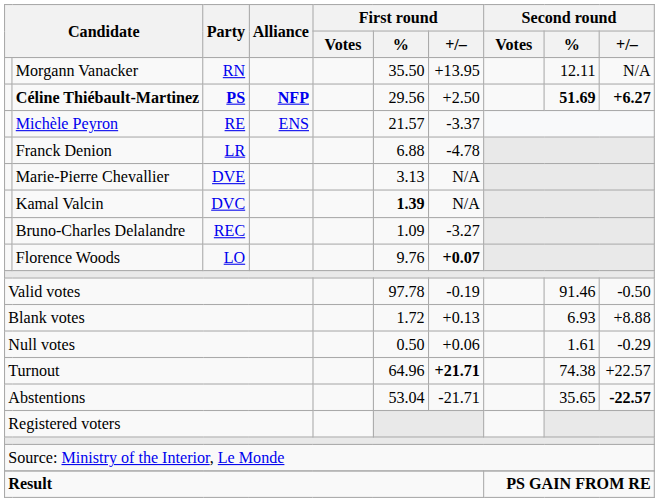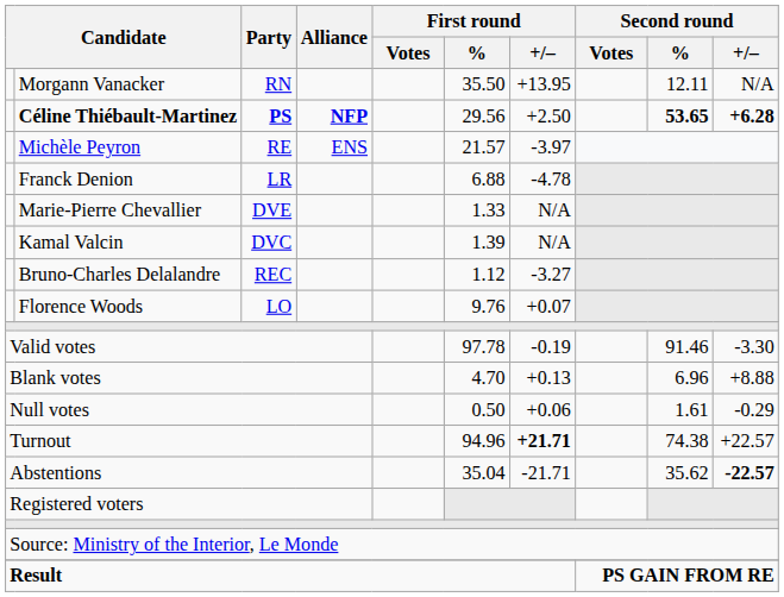 <table class="wikitable" style="text-align:right;font-size:95%;">
 <tr>
 <th rowspan="2" colspan="2">Candidate</th>
 <th rowspan="2">Party</th>
 <th rowspan="2">Alliance</th>
 <th colspan="3">First round</th>
 <th colspan="3">Second round</th>
 </tr>
 <tr>
 <th style="width:50px;">Votes</th>
 <th style="width:45px;">%</th>
 <th style="width:45px;">+/–</th>
 <th style="width:50px;">Votes</th>
 <th style="width:45px;">%</th>
 <th style="width:45px;">+/–</th>
 </tr>
 <tr>
 <td style="color:inherit;background:"></td>
 <td style="text-align:left;">Morgann Vanacker</td>
 <td><a href='#'>RN</a></td>
 <td></td>
 <td></td>
 <td>35.50</td>
 <td>+13.95</td>
 <td></td>
 <td>12.11</td>
 <td>N/A</td>
 </tr>
 <tr>
 <td style="color:inherit;background:"></td>
 <td style="text-align:left;"><strong>Céline Thiébault-Martinez</strong></td>
 <td><a href='#'><strong>PS</strong></a></td>
 <td><a href='#'><strong>NFP</strong></a></td>
 <td></td>
 <td>29.56</td>
 <td>+2.50</td>
 <td><strong></strong></td>
-<td><strong>51.69</strong></td>
-<td><strong>+6.27</strong></td>
+<td><strong>53.65</strong></td>
+<td><strong>+6.28</strong></td>
 </tr>
 <tr>
 <td style="color:inherit;background:"></td>
 <td style="text-align:left;"><a href='#'>Michèle Peyron</a></td>
 <td><a href='#'>RE</a></td>
 <td><a href='#'>ENS</a></td>
 <td></td>
 <td>21.57</td>
-<td>-3.37</td>
+<td>-3.97</td>
 <td colspan="3" style="background:#F8F9FA;"></td>
 </tr>
 <tr>
 <td style="color:inherit;background:"></td>
 <td style="text-align:left;">Franck Denion</td>
 <td><a href='#'>LR</a></td>
 <td></td>
 <td></td>
 <td>6.88</td>
 <td>-4.78</td>
 <td colspan="3" style="background:#E9E9E9;"></td>
 </tr>
 <tr>
 <td style="color:inherit;background:"></td>
 <td style="text-align:left;">Marie-Pierre Chevallier</td>
 <td><a href='#'>DVE</a></td>
 <td></td>
 <td></td>
-<td>3.13</td>
+<td>1.33</td>
 <td>N/A</td>
 <td colspan="3" style="background:#E9E9E9;"></td>
 </tr>
 <tr>
 <td style="color:inherit;background:"></td>
 <td style="text-align:left;">Kamal Valcin</td>
 <td><a href='#'>DVC</a></td>
 <td></td>
 <td></td>
-<td><strong>1.39</strong></td>
+<td>1.39</td>
 <td>N/A</td>
 <td colspan="3" style="background:#E9E9E9;"></td>
 </tr>
 <tr>
 <td style="color:inherit;background:"></td>
 <td style="text-align:left;">Bruno-Charles Delalandre</td>
 <td><a href='#'>REC</a></td>
 <td></td>
 <td></td>
-<td>1.09</td>
+<td>1.12</td>
 <td>-3.27</td>
 <td colspan="3" style="background:#E9E9E9;"></td>
 </tr>
 <tr>
 <td style="color:inherit;background:"></td>
 <td style="text-align:left;">Florence Woods</td>
 <td><a href='#'>LO</a></td>
 <td></td>
 <td></td>
 <td>9.76</td>
-<td><strong>+0.07</strong></td>
+<td>+0.07</td>
 <td colspan="3" style="background:#E9E9E9;"></td>
 </tr>
 <tr>
 <td colspan="10" style="background:#E9E9E9;"></td>
 </tr>
 <tr>
 <td colspan="4" style="text-align:left;">Valid votes</td>
 <td></td>
 <td>97.78</td>
 <td>-0.19</td>
 <td></td>
 <td>91.46</td>
-<td>-0.50</td>
+<td>-3.30</td>
 </tr>
 <tr>
 <td colspan="4" style="text-align:left;">Blank votes</td>
 <td></td>
-<td>1.72</td>
+<td>4.70</td>
 <td>+0.13</td>
 <td></td>
-<td>6.93</td>
+<td>6.96</td>
 <td>+8.88</td>
 </tr>
 <tr>
 <td colspan="4" style="text-align:left;">Null votes</td>
 <td></td>
 <td>0.50</td>
 <td>+0.06</td>
 <td></td>
 <td>1.61</td>
 <td>-0.29</td>
 </tr>
 <tr>
 <td colspan="4" style="text-align:left;">Turnout</td>
 <td></td>
-<td>64.96</td>
+<td>94.96</td>
 <td><strong>+21.71</strong></td>
 <td></td>
 <td>74.38</td>
 <td>+22.57</td>
 </tr>
 <tr>
 <td colspan="4" style="text-align:left;">Abstentions</td>
 <td></td>
-<td>53.04</td>
+<td>35.04</td>
 <td>-21.71</td>
 <td></td>
-<td>35.65</td>
+<td>35.62</td>
 <td><strong>-22.57</strong></td>
 </tr>
 <tr>
 <td colspan="4" style="text-align:left;">Registered voters</td>
 <td></td>
 <td colspan="2" style="background:#E9E9E9;"></td>
 <td></td>
 <td colspan="2" style="background:#E9E9E9;"></td>
 </tr>
 <tr>
 <td colspan="10" style="background:#E9E9E9;"></td>
 </tr>
 <tr>
 <td colspan="10" style="text-align:left;">Source: <a href='#'>Ministry of the Interior</a>, <a href='#'>Le Monde</a></td>
 </tr>
 <tr>
 </tr>
 <tr style="font-weight:bold">
 <td colspan="7" style="text-align:left;">Result</td>
 <td colspan="7" style="background-color:">PS GAIN FROM RE</td>
 </tr>
 </table>
